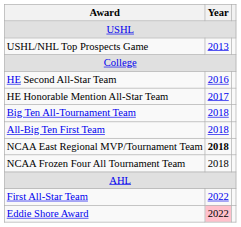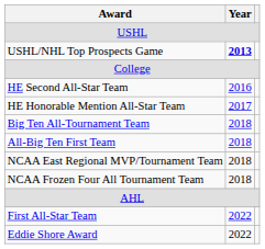 <table class="wikitable">
 <tr>
 <th>Award</th>
 <th>Year</th>
 <th></th>
 </tr>
 <tr ALIGN="center" bgcolor="#e0e0e0">
 <td colspan="3"><a href='#'>USHL</a></td>
 </tr>
 <tr>
 <td>USHL/NHL Top Prospects Game</td>
-<td><a href='#'>2013</a></td>
+<td><strong><a href='#'>2013</a></strong></td>
 <td></td>
 </tr>
 <tr ALIGN="center" bgcolor="#e0e0e0">
 <td colspan="3"><a href='#'>College</a></td>
 </tr>
 <tr>
 <td><a href='#'>HE</a> Second All-Star Team</td>
 <td><a href='#'>2016</a></td>
 <td></td>
 </tr>
 <tr>
 <td>HE Honorable Mention All-Star Team</td>
 <td><a href='#'>2017</a></td>
 <td></td>
 </tr>
 <tr>
 <td><a href='#'>Big Ten All-Tournament Team</a></td>
 <td><a href='#'>2018</a></td>
 <td></td>
 </tr>
 <tr>
 <td><a href='#'>All-Big Ten First Team</a></td>
 <td><a href='#'>2018</a></td>
 <td></td>
 </tr>
 <tr>
 <td>NCAA East Regional MVP/Tournament Team</td>
-<td><strong>2018</strong></td>
+<td>2018</td>
 <td></td>
 </tr>
 <tr>
 <td>NCAA Frozen Four All Tournament Team</td>
 <td>2018</td>
 <td></td>
 </tr>
 <tr ALIGN="center" bgcolor="#e0e0e0">
 <td colspan="3"><a href='#'>AHL</a></td>
 </tr>
 <tr>
 <td><a href='#'>First All-Star Team</a></td>
 <td><a href='#'>2022</a></td>
 <td></td>
 </tr>
 <tr>
 <td><a href='#'>Eddie Shore Award</a></td>
-<td style="background: pink;">2022</td>
+<td>2022</td>
 <td></td>
 </tr>
 </table>
